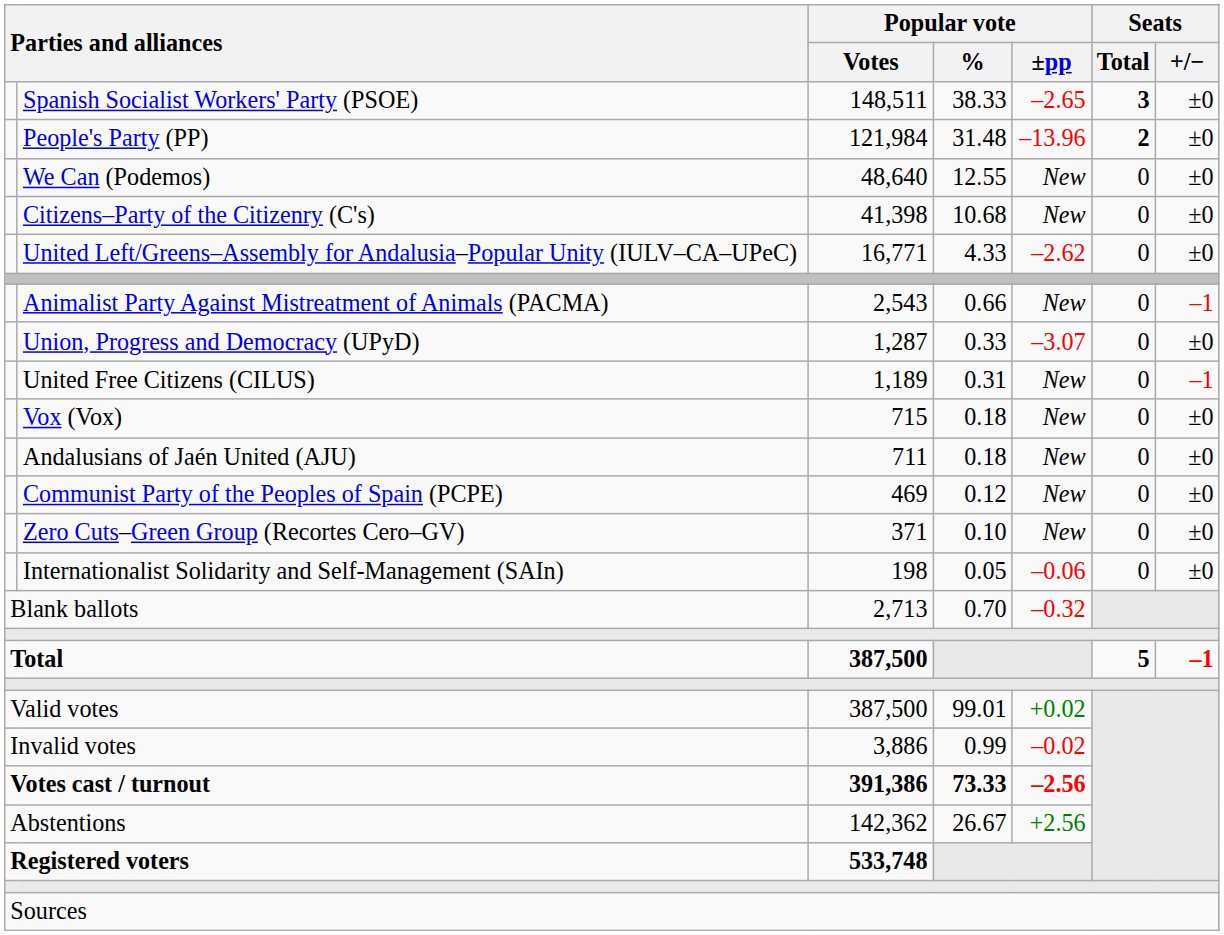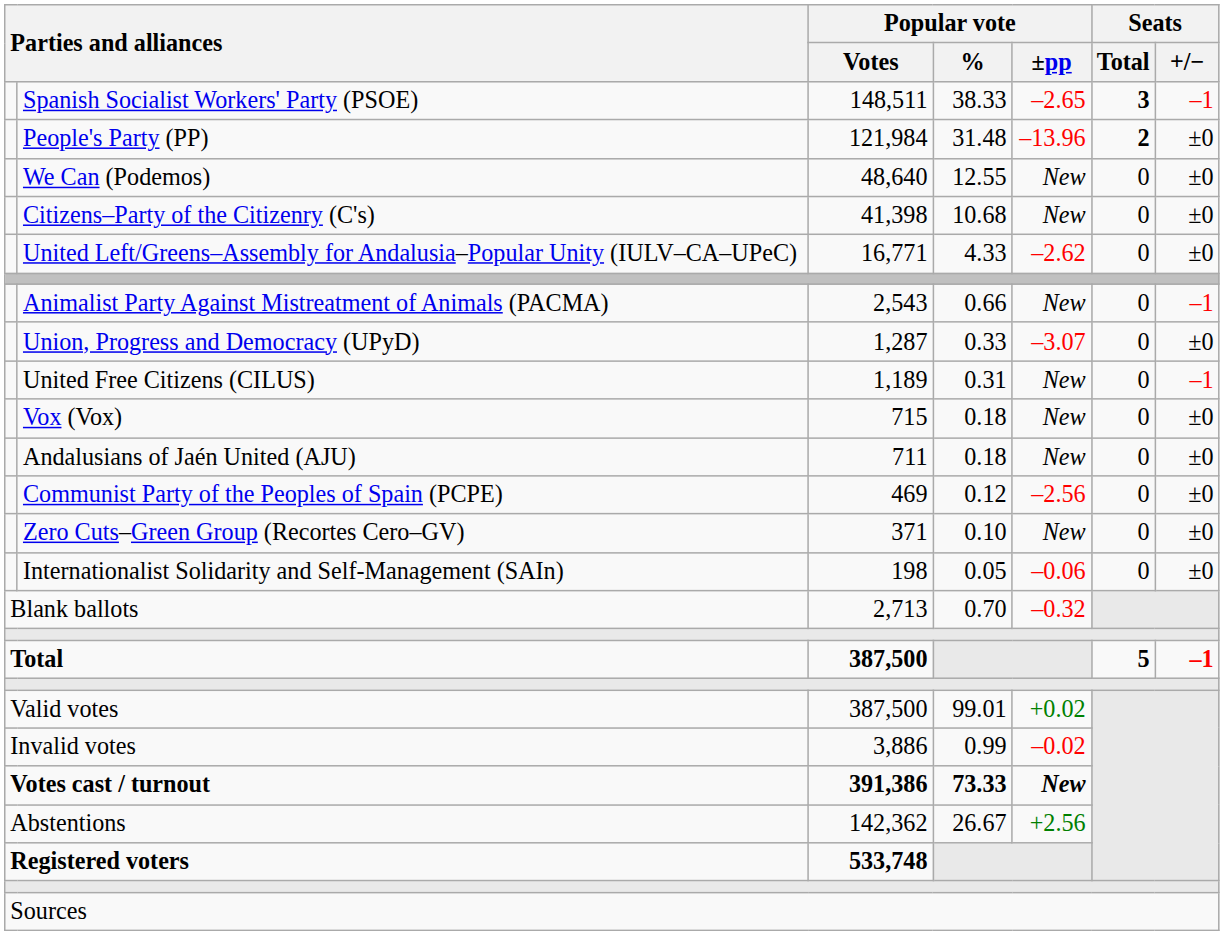 <table class="wikitable" style="text-align:right;">
 <tr>
 <th style="text-align:left;" rowspan="2" colspan="2" width="525">Parties and alliances</th>
 <th colspan="3">Popular vote</th>
 <th colspan="2">Seats</th>
 </tr>
 <tr>
 <th width="75">Votes</th>
 <th width="45">%</th>
 <th width="45">±<a href='#'>pp</a></th>
 <th width="35">Total</th>
 <th width="35">+/−</th>
 </tr>
 <tr>
 <td width="1" style="color:inherit;background:"></td>
 <td align="left"><a href='#'>Spanish Socialist Workers' Party</a> (PSOE)</td>
 <td>148,511</td>
 <td>38.33</td>
 <td style="color:red;">–2.65</td>
 <td><strong>3</strong></td>
-<td>±0</td>
+<td style="color:red;">–1</td>
 </tr>
 <tr>
 <td style="color:inherit;background:"></td>
 <td align="left"><a href='#'>People's Party</a> (PP)</td>
 <td>121,984</td>
 <td>31.48</td>
 <td style="color:red;">–13.96</td>
 <td><strong>2</strong></td>
 <td>±0</td>
 </tr>
 <tr>
 <td style="color:inherit;background:"></td>
 <td align="left"><a href='#'>We Can</a> (Podemos)</td>
 <td>48,640</td>
 <td>12.55</td>
 <td><em>New</em></td>
 <td>0</td>
 <td>±0</td>
 </tr>
 <tr>
 <td style="color:inherit;background:"></td>
 <td align="left"><a href='#'>Citizens–Party of the Citizenry</a> (C's)</td>
 <td>41,398</td>
 <td>10.68</td>
 <td><em>New</em></td>
 <td>0</td>
 <td>±0</td>
 </tr>
 <tr>
 <td style="color:inherit;background:"></td>
 <td align="left"><a href='#'>United Left/Greens–Assembly for Andalusia</a>–<a href='#'>Popular Unity</a> (IULV–CA–UPeC)</td>
 <td>16,771</td>
 <td>4.33</td>
 <td style="color:red;">–2.62</td>
 <td>0</td>
 <td>±0</td>
 </tr>
 <tr>
 <td colspan="7" bgcolor="#C0C0C0"></td>
 </tr>
 <tr>
 <td style="color:inherit;background:"></td>
 <td align="left"><a href='#'>Animalist Party Against Mistreatment of Animals</a> (PACMA)</td>
 <td>2,543</td>
 <td>0.66</td>
 <td><em>New</em></td>
 <td>0</td>
 <td style="color:red;">–1</td>
 </tr>
 <tr>
 <td style="color:inherit;background:"></td>
 <td align="left"><a href='#'>Union, Progress and Democracy</a> (UPyD)</td>
 <td>1,287</td>
 <td>0.33</td>
 <td style="color:red;">–3.07</td>
 <td>0</td>
 <td>±0</td>
 </tr>
 <tr>
 <td style="color:inherit;background:"></td>
 <td align="left">United Free Citizens (CILUS)</td>
 <td>1,189</td>
 <td>0.31</td>
 <td><em>New</em></td>
 <td>0</td>
 <td style="color:red;">–1</td>
 </tr>
 <tr>
 <td style="color:inherit;background:"></td>
 <td align="left"><a href='#'>Vox</a> (Vox)</td>
 <td>715</td>
 <td>0.18</td>
 <td><em>New</em></td>
 <td>0</td>
 <td>±0</td>
 </tr>
 <tr>
 <td style="color:inherit;background:"></td>
 <td align="left">Andalusians of Jaén United (AJU)</td>
 <td>711</td>
 <td>0.18</td>
 <td><em>New</em></td>
 <td>0</td>
 <td>±0</td>
 </tr>
 <tr>
 <td style="color:inherit;background:"></td>
 <td align="left"><a href='#'>Communist Party of the Peoples of Spain</a> (PCPE)</td>
 <td>469</td>
 <td>0.12</td>
-<td><em>New</em></td>
+<td style="color:red;">–2.56</td>
 <td>0</td>
 <td>±0</td>
 </tr>
 <tr>
 <td style="color:inherit;background:"></td>
 <td align="left"><a href='#'>Zero Cuts</a>–<a href='#'>Green Group</a> (Recortes Cero–GV)</td>
 <td>371</td>
 <td>0.10</td>
 <td><em>New</em></td>
 <td>0</td>
 <td>±0</td>
 </tr>
 <tr>
 <td style="color:inherit;background:"></td>
 <td align="left">Internationalist Solidarity and Self-Management (SAIn)</td>
 <td>198</td>
 <td>0.05</td>
 <td style="color:red;">–0.06</td>
 <td>0</td>
 <td>±0</td>
 </tr>
 <tr>
 <td align="left" colspan="2">Blank ballots</td>
 <td>2,713</td>
 <td>0.70</td>
 <td style="color:red;">–0.32</td>
 <td bgcolor="#E9E9E9" colspan="2"></td>
 </tr>
 <tr>
 <td colspan="7" bgcolor="#E9E9E9"></td>
 </tr>
 <tr style="font-weight:bold;">
 <td align="left" colspan="2">Total</td>
 <td>387,500</td>
 <td bgcolor="#E9E9E9" colspan="2"></td>
 <td>5</td>
 <td style="color:red;">–1</td>
 </tr>
 <tr>
 <td colspan="7" bgcolor="#E9E9E9"></td>
 </tr>
 <tr>
 <td align="left" colspan="2">Valid votes</td>
 <td>387,500</td>
 <td>99.01</td>
 <td style="color:green;">+0.02</td>
 <td bgcolor="#E9E9E9" colspan="2" rowspan="5"></td>
 </tr>
 <tr>
 <td align="left" colspan="2">Invalid votes</td>
 <td>3,886</td>
 <td>0.99</td>
 <td style="color:red;">–0.02</td>
 </tr>
 <tr style="font-weight:bold;">
 <td align="left" colspan="2">Votes cast / turnout</td>
 <td>391,386</td>
 <td>73.33</td>
-<td style="color:red;">–2.56</td>
+<td><em>New</em></td>
 </tr>
 <tr>
 <td align="left" colspan="2">Abstentions</td>
 <td>142,362</td>
 <td>26.67</td>
 <td style="color:green;">+2.56</td>
 </tr>
 <tr style="font-weight:bold;">
 <td align="left" colspan="2">Registered voters</td>
 <td>533,748</td>
 <td bgcolor="#E9E9E9" colspan="2"></td>
 </tr>
 <tr>
 <td colspan="7" bgcolor="#E9E9E9"></td>
 </tr>
 <tr>
 <td align="left" colspan="7">Sources</td>
 </tr>
 </table>
